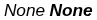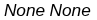 <table>
 <tr>
 <td><br></td>
 <td></td>
 <td></td>
 <td></td>
 </tr>
 <tr>
 <td><br></td>
 <td></td>
 <td align="center"><em>None</em></td>
-<td align="center"><strong><em>None</em></strong></td>
+<td align="center"><em>None</em></td>
 </tr>
 <tr>
 <td><br></td>
 <td></td>
 <td></td>
 <td></td>
 </tr>
 <tr>
 <td><br></td>
 <td></td>
 <td></td>
 <td></td>
 </tr>
 <tr>
 <td><br></td>
 <td></td>
 <td></td>
 <td></td>
 </tr>
 <tr>
 <td><br></td>
 <td></td>
 <td></td>
 <td></td>
 </tr>
 <tr>
 <td><br></td>
 <td></td>
 <td></td>
 <td></td>
 </tr>
 <tr>
 <td><br></td>
 <td></td>
 <td></td>
 <td></td>
 </tr>
 <tr>
 <td><br></td>
 <td></td>
 <td></td>
 <td></td>
 </tr>
 <tr>
 <td><br></td>
 <td></td>
 <td></td>
 <td></td>
 </tr>
 <tr>
 <td><br></td>
 <td></td>
 <td></td>
 <td></td>
 </tr>
 </table>
